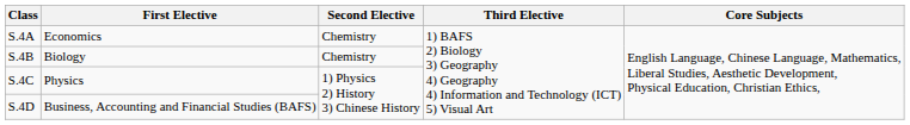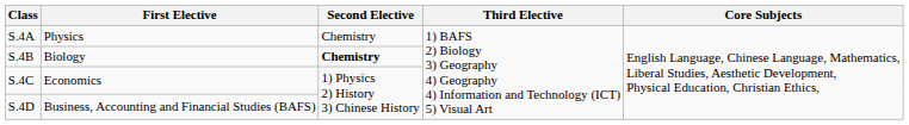 <table class="wikitable">
 <tr>
 <th>Class</th>
 <th>First Elective</th>
 <th>Second Elective</th>
 <th>Third Elective</th>
 <th>Core Subjects</th>
 </tr>
 <tr>
 <td>S.4A</td>
-<td>Economics</td>
+<td>Physics</td>
 <td>Chemistry</td>
 <td rowspan="4">1) BAFS<br>2) Biology<br>3) Geography<br>4) Geography<br>4) Information and Technology (ICT)<br>5) Visual Art</td>
 <td rowspan="4">English Language, Chinese Language, Mathematics,<br>Liberal Studies, Aesthetic Development,<br>Physical Education, Christian Ethics, <br></td>
 </tr>
 <tr>
 <td>S.4B</td>
 <td>Biology</td>
-<td>Chemistry</td>
+<td><strong>Chemistry</strong></td>
 </tr>
 <tr>
 <td>S.4C</td>
-<td>Physics</td>
+<td>Economics</td>
 <td rowspan="2">1) Physics<br>2) History<br>3) Chinese History</td>
 </tr>
 <tr>
 <td>S.4D</td>
 <td>Business, Accounting and Financial Studies (BAFS)</td>
 </tr>
 </table>
